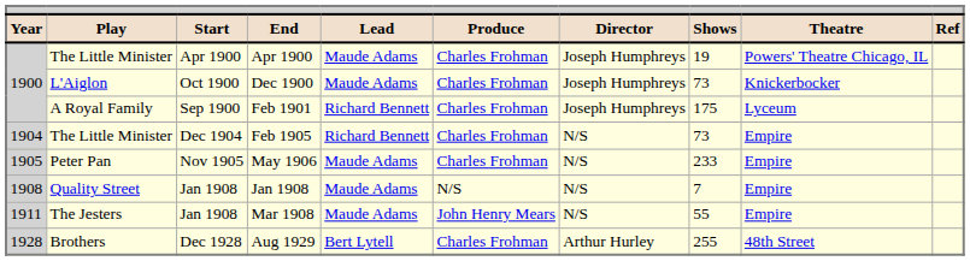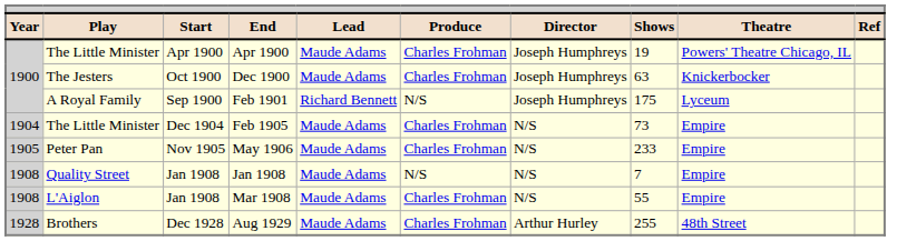 <table class="wikitable sortable mw-collapsible mw-collapsed" style="background:lightyellow; border:2px solid gray;font-size:85%">
 <tr>
 <th colspan="18" style="border:1px solid #808080;background:lightgrey;"></th>
 </tr>
 <tr>
 <th style="border-bottom:2px solid black;border-top:2px solid black;background:#F2E0CE">Year</th>
 <th style="border-bottom:2px solid black;border-top:2px solid black;background:#F2E0CE">Play</th>
 <th style="border-bottom:2px solid black;border-top:2px solid black;background:#F2E0CE">Start</th>
 <th style="border-bottom:2px solid black;border-top:2px solid black;background:#F2E0CE">End</th>
 <th style="border-bottom:2px solid black;border-top:2px solid black;background:#F2E0CE">Lead</th>
 <th style="border-bottom:2px solid black;border-top:2px solid black;background:#F2E0CE">Produce</th>
 <th style="border-bottom:2px solid black;border-top:2px solid black;background:#F2E0CE">Director</th>
 <th style="border-bottom:2px solid black;border-top:2px solid black;background:#F2E0CE">Shows</th>
 <th style="border-bottom:2px solid black;border-top:2px solid black;background:#F2E0CE">Theatre</th>
 <th style="border-bottom:2px solid black;border-top:2px solid black;background:#F2E0CE">Ref</th>
 </tr>
 <tr>
 <td rowspan="3" style="background:lightgrey">1900</td>
 <td>The Little Minister</td>
 <td>Apr 1900</td>
 <td>Apr 1900</td>
 <td><a href='#'>Maude Adams</a></td>
 <td><a href='#'>Charles Frohman</a></td>
 <td>Joseph Humphreys</td>
 <td>19</td>
 <td><a href='#'>Powers' Theatre Chicago, IL</a></td>
 <td></td>
 </tr>
 <tr>
-<td><a href='#'>L'Aiglon</a></td>
+<td>The Jesters</td>
 <td>Oct 1900</td>
 <td>Dec 1900</td>
 <td><a href='#'>Maude Adams</a></td>
 <td><a href='#'>Charles Frohman</a></td>
 <td>Joseph Humphreys</td>
-<td>73</td>
+<td>63</td>
 <td><a href='#'>Knickerbocker</a></td>
 <td></td>
 </tr>
 <tr>
 <td>A Royal Family</td>
 <td>Sep 1900</td>
 <td>Feb 1901</td>
 <td><a href='#'>Richard Bennett</a></td>
-<td><a href='#'>Charles Frohman</a></td>
+<td>N/S</td>
 <td>Joseph Humphreys</td>
 <td>175</td>
 <td><a href='#'>Lyceum</a></td>
 <td></td>
 </tr>
 <tr>
 <td rowspan="1" style="background:lightgrey">1904</td>
 <td>The Little Minister</td>
 <td>Dec 1904</td>
 <td>Feb 1905</td>
-<td><a href='#'>Richard Bennett</a></td>
+<td><a href='#'>Maude Adams</a></td>
 <td><a href='#'>Charles Frohman</a></td>
 <td>N/S</td>
 <td>73</td>
 <td><a href='#'>Empire</a></td>
 <td></td>
 </tr>
 <tr>
 <td rowspan="1" style="background:lightgrey">1905</td>
 <td>Peter Pan</td>
 <td>Nov 1905</td>
 <td>May 1906</td>
 <td><a href='#'>Maude Adams</a></td>
 <td><a href='#'>Charles Frohman</a></td>
 <td>N/S</td>
 <td>233</td>
 <td><a href='#'>Empire</a></td>
 <td></td>
 </tr>
 <tr>
 <td rowspan="1" style="background:lightgrey">1908</td>
 <td><a href='#'>Quality Street</a></td>
 <td>Jan 1908</td>
 <td>Jan 1908</td>
 <td><a href='#'>Maude Adams</a></td>
 <td>N/S</td>
 <td>N/S</td>
 <td>7</td>
 <td><a href='#'>Empire</a></td>
 <td></td>
 </tr>
 <tr>
-<td rowspan="1" style="background:lightgrey">1911</td>
-<td>The Jesters</td>
+<td rowspan="1" style="background:lightgrey">1908</td>
+<td><a href='#'>L'Aiglon</a></td>
 <td>Jan 1908</td>
 <td>Mar 1908</td>
 <td><a href='#'>Maude Adams</a></td>
-<td><a href='#'>John Henry Mears</a></td>
+<td><a href='#'>Charles Frohman</a></td>
 <td>N/S</td>
 <td>55</td>
 <td><a href='#'>Empire</a></td>
 <td></td>
 </tr>
 <tr>
 <td rowspan="1" style="background:lightgrey">1928</td>
 <td>Brothers</td>
 <td>Dec 1928</td>
 <td>Aug 1929</td>
-<td><a href='#'>Bert Lytell</a></td>
+<td><a href='#'>Maude Adams</a></td>
 <td><a href='#'>Charles Frohman</a></td>
 <td>Arthur Hurley</td>
 <td>255</td>
 <td><a href='#'>48th Street</a></td>
 <td></td>
 </tr>
 </table>
